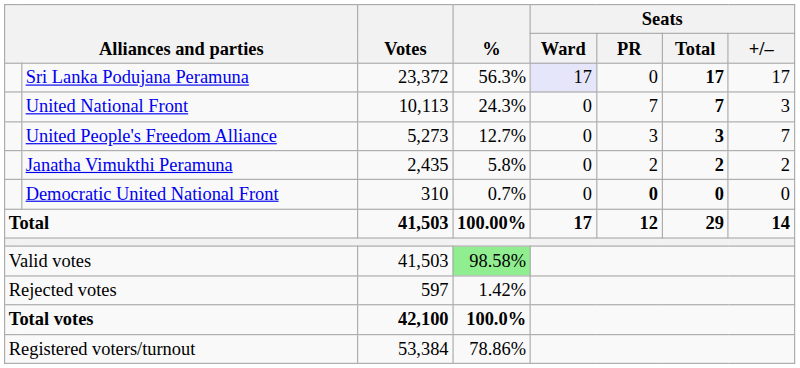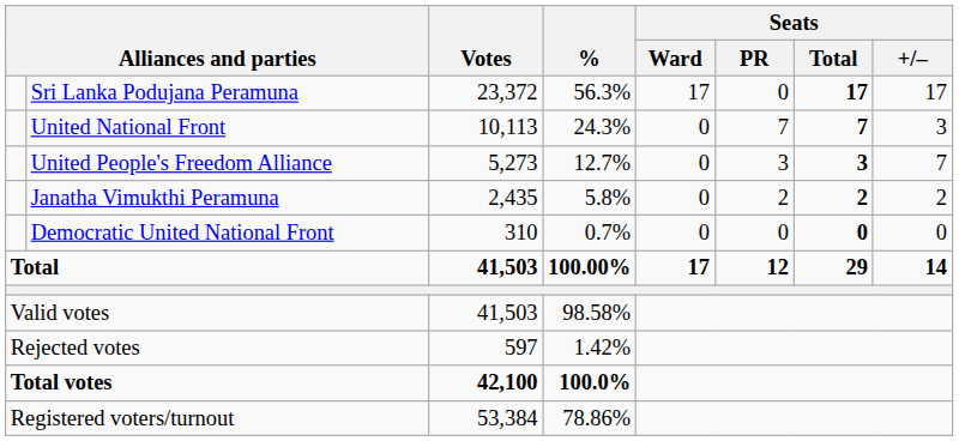 <table class="wikitable" border="1" style="font-size:100%; text-align:right; border:0px; margin-top:-1px; margin-bottom:0;">
 <tr>
 <th valign=bottom rowspan=2 colspan=2 width="300">Alliances and parties</th>
 <th valign=bottom rowspan=2 width="75">Votes</th>
 <th valign=bottom rowspan=2 width="60">%</th>
 <th valign=bottom colspan=4>Seats</th>
 </tr>
 <tr>
 <th width="50">Ward</th>
 <th width="50">PR</th>
 <th width="50">Total</th>
 <th width="50">+/–</th>
 </tr>
 <tr>
 <td bgcolor=> </td>
 <td align=left><a href='#'>Sri Lanka Podujana Peramuna</a></td>
 <td>23,372</td>
 <td>56.3%</td>
-<td style="background: lavender;">17</td>
+<td>17</td>
 <td>0</td>
 <td><strong>17</strong></td>
 <td>17</td>
 </tr>
 <tr>
 <td bgcolor=> </td>
 <td align=left><a href='#'>United National Front</a></td>
 <td>10,113</td>
 <td>24.3%</td>
 <td>0</td>
 <td>7</td>
 <td><strong>7</strong></td>
 <td> 3</td>
 </tr>
 <tr>
 <td bgcolor=> </td>
 <td align=left><a href='#'>United People's Freedom Alliance</a></td>
 <td>5,273</td>
 <td>12.7%</td>
 <td>0</td>
 <td>3</td>
 <td><strong>3</strong></td>
 <td>7</td>
 </tr>
 <tr>
 <td bgcolor=> </td>
 <td align=left><a href='#'>Janatha Vimukthi Peramuna</a></td>
 <td>2,435</td>
 <td>5.8%</td>
 <td>0</td>
 <td>2</td>
 <td><strong>2</strong></td>
 <td>2</td>
 </tr>
 <tr>
 <td bgcolor=> </td>
 <td align=left><a href='#'>Democratic United National Front</a></td>
 <td>310</td>
 <td>0.7%</td>
 <td>0</td>
-<td><strong>0</strong></td>
+<td>0</td>
 <td><strong>0</strong></td>
 <td>0</td>
 </tr>
 <tr>
 <td colspan=2 align=left><strong>Total</strong></td>
 <td><strong>41,503</strong></td>
 <td><strong>100.00%</strong></td>
 <td><strong>17</strong></td>
 <td><strong>12</strong></td>
 <td><strong>29</strong></td>
 <td><strong>14</strong></td>
 </tr>
 <tr>
 <th colspan=8></th>
 </tr>
 <tr>
 <td colspan=2 align=left>Valid votes</td>
 <td>41,503</td>
-<td style="background: lightgreen;">98.58%</td>
+<td>98.58%</td>
 <td colspan="4"></td>
 </tr>
 <tr>
 <td colspan=2 align=left>Rejected votes</td>
 <td>597</td>
 <td>1.42%</td>
 <td colspan="4"></td>
 </tr>
 <tr>
 <td colspan=2 align=left><strong>Total votes</strong></td>
 <td><strong>42,100</strong></td>
 <td><strong>100.0%</strong></td>
 <td colspan="4"></td>
 </tr>
 <tr>
 <td colspan=2 align=left>Registered voters/turnout</td>
 <td>53,384</td>
 <td>78.86%</td>
 <td colspan="4"></td>
 </tr>
 </table>
